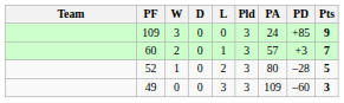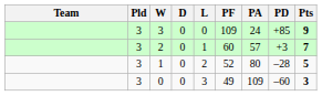 <table class="wikitable" style="text-align:center;">
 <tr>
 <th width=175>Team</th>
-<th width=32 abbr="Points for">PF</th>
+<th width=25 abbr="Played">Pld</th>
 <th width=25 abbr="Won">W</th>
 <th width=25 abbr="Drawn">D</th>
 <th width=25 abbr="Lost">L</th>
-<th width=25 abbr="Played">Pld</th>
+<th width=32 abbr="Points for">PF</th>
 <th width=32 abbr="Points against">PA</th>
 <th width=32 abbr="Points difference">PD</th>
 <th width=25 abbr="Points">Pts</th>
 </tr>
 <tr bgcolor=ccffcc>
 <td align=left></td>
-<td>109</td>
+<td>3</td>
 <td>3</td>
 <td>0</td>
 <td>0</td>
-<td>3</td>
+<td>109</td>
 <td>24</td>
 <td>+85</td>
 <td><strong>9</strong></td>
 </tr>
 <tr bgcolor=ccffcc>
 <td align=left></td>
-<td>60</td>
+<td>3</td>
 <td>2</td>
 <td>0</td>
 <td>1</td>
-<td>3</td>
+<td>60</td>
 <td>57</td>
 <td>+3</td>
 <td><strong>7</strong></td>
 </tr>
 <tr>
 <td align=left></td>
-<td>52</td>
+<td>3</td>
 <td>1</td>
 <td>0</td>
 <td>2</td>
-<td>3</td>
+<td>52</td>
 <td>80</td>
 <td>–28</td>
 <td><strong>5</strong></td>
 </tr>
 <tr>
 <td align=left></td>
-<td>49</td>
+<td>3</td>
 <td>0</td>
 <td>0</td>
 <td>3</td>
-<td>3</td>
+<td>49</td>
 <td>109</td>
 <td>–60</td>
 <td><strong>3</strong></td>
 </tr>
 </table>
